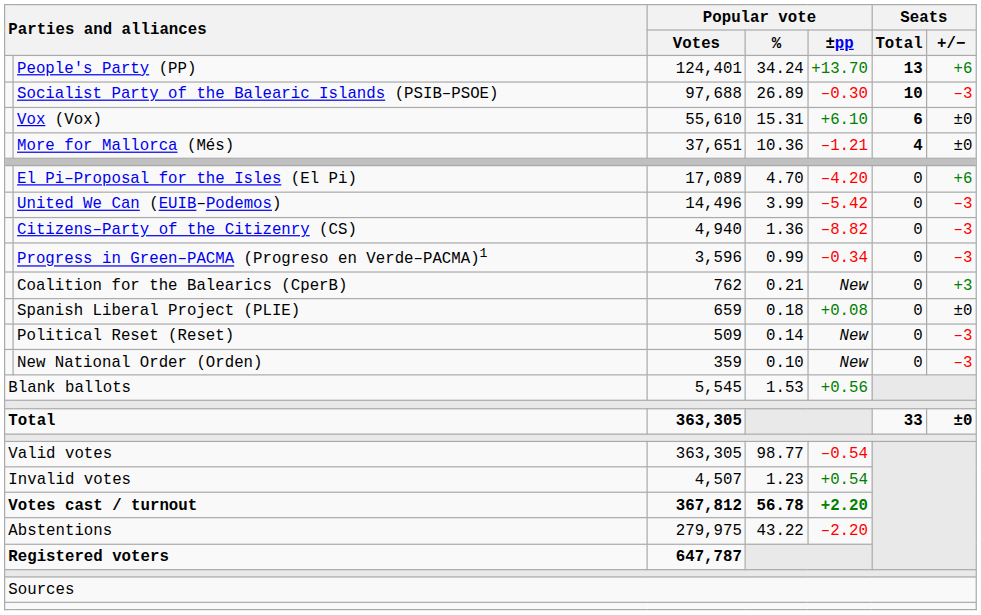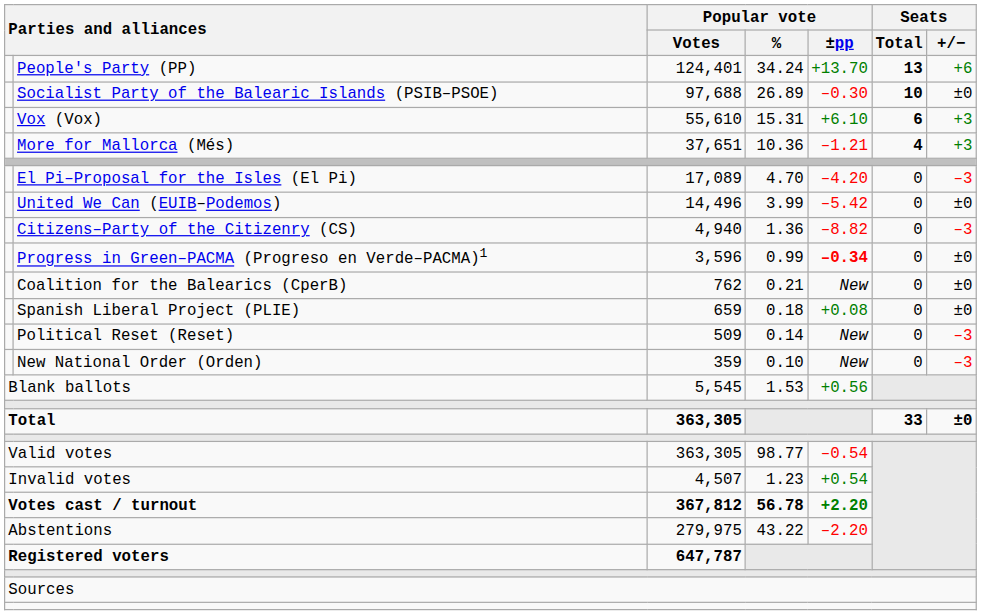 <table class="wikitable" style="text-align:right;">
 <tr>
 <th style="text-align:left;" rowspan="2" colspan="2" width="525">Parties and alliances</th>
 <th colspan="3">Popular vote</th>
 <th colspan="2">Seats</th>
 </tr>
 <tr>
 <th width="75">Votes</th>
 <th width="45">%</th>
 <th width="45">±<a href='#'>pp</a></th>
 <th width="35">Total</th>
 <th width="35">+/−</th>
 </tr>
 <tr>
 <td width="1" style="color:inherit;background:"></td>
 <td align="left"><a href='#'>People's Party</a> (PP)</td>
 <td>124,401</td>
 <td>34.24</td>
 <td style="color:green;">+13.70</td>
 <td><strong>13</strong></td>
 <td style="color:green;">+6</td>
 </tr>
 <tr>
 <td style="color:inherit;background:"></td>
 <td align="left"><a href='#'>Socialist Party of the Balearic Islands</a> (PSIB–PSOE)</td>
 <td>97,688</td>
 <td>26.89</td>
 <td style="color:red;">–0.30</td>
 <td><strong>10</strong></td>
-<td style="color:red;">–3</td>
+<td>±0</td>
 </tr>
 <tr>
 <td style="color:inherit;background:"></td>
 <td align="left"><a href='#'>Vox</a> (Vox)</td>
 <td>55,610</td>
 <td>15.31</td>
 <td style="color:green;">+6.10</td>
 <td><strong>6</strong></td>
-<td>±0</td>
+<td style="color:green;">+3</td>
 </tr>
 <tr>
 <td style="color:inherit;background:"></td>
 <td align="left"><a href='#'>More for Mallorca</a> (Més)</td>
 <td>37,651</td>
 <td>10.36</td>
 <td style="color:red;">–1.21</td>
 <td><strong>4</strong></td>
-<td>±0</td>
+<td style="color:green;">+3</td>
 </tr>
 <tr>
 <td colspan="7" bgcolor="#C0C0C0"></td>
 </tr>
 <tr>
 <td style="color:inherit;background:"></td>
 <td align="left"><a href='#'>El Pi–Proposal for the Isles</a> (El Pi)</td>
 <td>17,089</td>
 <td>4.70</td>
 <td style="color:red;">–4.20</td>
 <td>0</td>
-<td style="color:green;">+6</td>
+<td style="color:red;">–3</td>
 </tr>
 <tr>
 <td style="color:inherit;background:"></td>
 <td align="left"><a href='#'>United We Can</a> (<a href='#'>EUIB</a>–<a href='#'>Podemos</a>)</td>
 <td>14,496</td>
 <td>3.99</td>
 <td style="color:red;">–5.42</td>
 <td>0</td>
-<td style="color:red;">–3</td>
+<td>±0</td>
 </tr>
 <tr>
 <td style="color:inherit;background:"></td>
 <td align="left"><a href='#'>Citizens–Party of the Citizenry</a> (CS)</td>
 <td>4,940</td>
 <td>1.36</td>
 <td style="color:red;">–8.82</td>
 <td>0</td>
 <td style="color:red;">–3</td>
 </tr>
 <tr>
 <td style="color:inherit;background:"></td>
 <td align="left"><a href='#'>Progress in Green–PACMA</a> (Progreso en Verde–PACMA)<sup>1</sup></td>
 <td>3,596</td>
 <td>0.99</td>
-<td style="color:red;">–0.34</td>
+<td style="color:red;"><strong>–0.34</strong></td>
 <td>0</td>
-<td style="color:red;">–3</td>
+<td>±0</td>
 </tr>
 <tr>
 <td style="color:inherit;background:"></td>
 <td align="left">Coalition for the Balearics (CperB)</td>
 <td>762</td>
 <td>0.21</td>
 <td><em>New</em></td>
 <td>0</td>
-<td style="color:green;">+3</td>
+<td>±0</td>
 </tr>
 <tr>
 <td style="color:inherit;background:"></td>
 <td align="left">Spanish Liberal Project (PLIE)</td>
 <td>659</td>
 <td>0.18</td>
 <td style="color:green;">+0.08</td>
 <td>0</td>
 <td>±0</td>
 </tr>
 <tr>
 <td style="color:inherit;background:"></td>
 <td align="left">Political Reset (Reset)</td>
 <td>509</td>
 <td>0.14</td>
 <td><em>New</em></td>
 <td>0</td>
 <td style="color:red;">–3</td>
 </tr>
 <tr>
 <td style="color:inherit;background:"></td>
 <td align="left">New National Order (Orden)</td>
 <td>359</td>
 <td>0.10</td>
 <td><em>New</em></td>
 <td>0</td>
 <td style="color:red;">–3</td>
 </tr>
 <tr>
 <td align="left" colspan="2">Blank ballots</td>
 <td>5,545</td>
 <td>1.53</td>
 <td style="color:green;">+0.56</td>
 <td bgcolor="#E9E9E9" colspan="2"></td>
 </tr>
 <tr>
 <td colspan="7" bgcolor="#E9E9E9"></td>
 </tr>
 <tr style="font-weight:bold;">
 <td align="left" colspan="2">Total</td>
 <td>363,305</td>
 <td bgcolor="#E9E9E9" colspan="2"></td>
 <td>33</td>
 <td>±0</td>
 </tr>
 <tr>
 <td colspan="7" bgcolor="#E9E9E9"></td>
 </tr>
 <tr>
 <td align="left" colspan="2">Valid votes</td>
 <td>363,305</td>
 <td>98.77</td>
 <td style="color:red;">–0.54</td>
 <td bgcolor="#E9E9E9" colspan="2" rowspan="5"></td>
 </tr>
 <tr>
 <td align="left" colspan="2">Invalid votes</td>
 <td>4,507</td>
 <td>1.23</td>
 <td style="color:green;">+0.54</td>
 </tr>
 <tr style="font-weight:bold;">
 <td align="left" colspan="2">Votes cast / turnout</td>
 <td>367,812</td>
 <td>56.78</td>
 <td style="color:green;">+2.20</td>
 </tr>
 <tr>
 <td align="left" colspan="2">Abstentions</td>
 <td>279,975</td>
 <td>43.22</td>
 <td style="color:red;">–2.20</td>
 </tr>
 <tr style="font-weight:bold;">
 <td align="left" colspan="2">Registered voters</td>
 <td>647,787</td>
 <td bgcolor="#E9E9E9" colspan="2"></td>
 </tr>
 <tr>
 <td colspan="7" bgcolor="#E9E9E9"></td>
 </tr>
 <tr>
 <td align="left" colspan="7">Sources</td>
 </tr>
 <tr>
 <td colspan="7" style="text-align:left; max-width:790px;"></td>
 </tr>
 </table>
